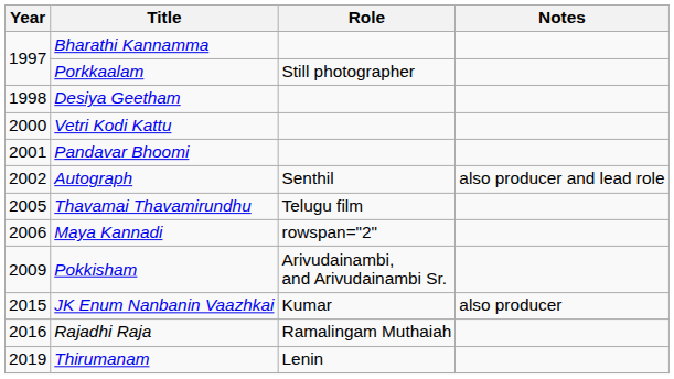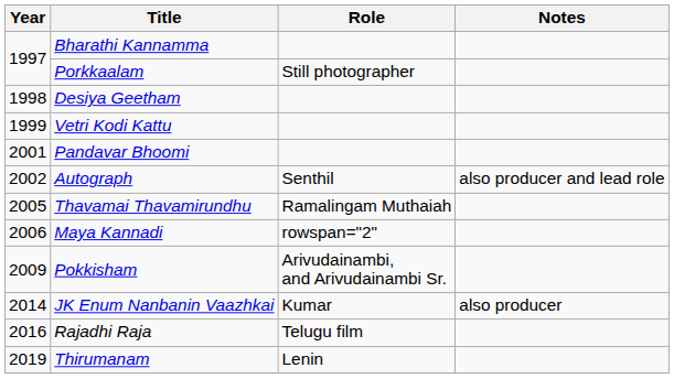 <table class="wikitable sortable">
 <tr>
 <th>Year</th>
 <th>Title</th>
 <th>Role</th>
 <th>Notes</th>
 </tr>
 <tr>
 <td rowspan="2">1997</td>
 <td><em><a href='#'>Bharathi Kannamma</a></em></td>
 <td></td>
 <td></td>
 </tr>
 <tr>
 <td><em><a href='#'>Porkkaalam</a></em></td>
 <td>Still photographer</td>
 <td></td>
 </tr>
 <tr>
 <td>1998</td>
 <td><em><a href='#'>Desiya Geetham</a></em></td>
 <td></td>
 <td></td>
 </tr>
 <tr>
-<td>2000</td>
+<td>1999</td>
 <td><em><a href='#'>Vetri Kodi Kattu</a></em></td>
 <td></td>
 <td></td>
 </tr>
 <tr>
 <td>2001</td>
 <td><em><a href='#'>Pandavar Bhoomi</a></em></td>
 <td></td>
 <td></td>
 </tr>
 <tr>
 <td>2002</td>
 <td><em><a href='#'>Autograph</a></em></td>
 <td>Senthil</td>
 <td>also producer and lead role</td>
 </tr>
 <tr>
 <td>2005</td>
 <td><em><a href='#'>Thavamai Thavamirundhu</a></em></td>
-<td>Telugu film</td>
+<td>Ramalingam Muthaiah</td>
 <td></td>
 </tr>
 <tr>
 <td>2006</td>
 <td><em><a href='#'>Maya Kannadi</a></em></td>
 <td>rowspan="2" </td>
 <td></td>
 </tr>
 <tr>
 <td>2009</td>
 <td><em><a href='#'>Pokkisham</a></em></td>
 <td>Arivudainambi,<br> and Arivudainambi Sr.</td>
 <td></td>
 </tr>
 <tr>
-<td>2015</td>
+<td>2014</td>
 <td><em><a href='#'>JK Enum Nanbanin Vaazhkai</a></em></td>
 <td>Kumar</td>
 <td>also producer</td>
 </tr>
 <tr>
 <td>2016</td>
 <td><em>Rajadhi Raja</em></td>
-<td>Ramalingam Muthaiah</td>
+<td>Telugu film</td>
 </tr>
 <tr>
 <td>2019</td>
 <td><em><a href='#'>Thirumanam</a></em></td>
 <td>Lenin</td>
 <td></td>
 </tr>
 <tr>
 </tr>
 </table>
